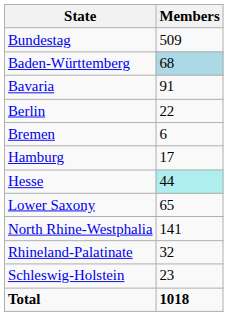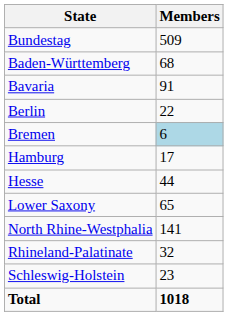 <table class="wikitable" style="float:left; margin-top:0;">
 <tr>
 <th>State</th>
 <th>Members</th>
 </tr>
 <tr>
 <td><a href='#'>Bundestag</a></td>
 <td>509</td>
 </tr>
 <tr>
 <td><a href='#'>Baden-Württemberg</a></td>
-<td style="background: lightblue;">68</td>
+<td>68</td>
 </tr>
 <tr>
 <td><a href='#'>Bavaria</a></td>
 <td>91</td>
 </tr>
 <tr>
 <td><a href='#'>Berlin</a></td>
 <td>22</td>
 </tr>
 <tr>
 <td><a href='#'>Bremen</a></td>
-<td>6</td>
+<td style="background: lightblue;">6</td>
 </tr>
 <tr>
 <td><a href='#'>Hamburg</a></td>
 <td>17</td>
 </tr>
 <tr>
 <td><a href='#'>Hesse</a></td>
-<td style="background: paleturquoise;">44</td>
+<td>44</td>
 </tr>
 <tr>
 <td><a href='#'>Lower Saxony</a></td>
 <td>65</td>
 </tr>
 <tr>
 <td><a href='#'>North Rhine-Westphalia</a></td>
 <td>141</td>
 </tr>
 <tr>
 <td><a href='#'>Rhineland-Palatinate</a></td>
 <td>32</td>
 </tr>
 <tr>
 <td><a href='#'>Schleswig-Holstein</a></td>
 <td>23</td>
 </tr>
 <tr>
 <td><strong>Total</strong></td>
 <td><strong>1018</strong></td>
 </tr>
 </table>
